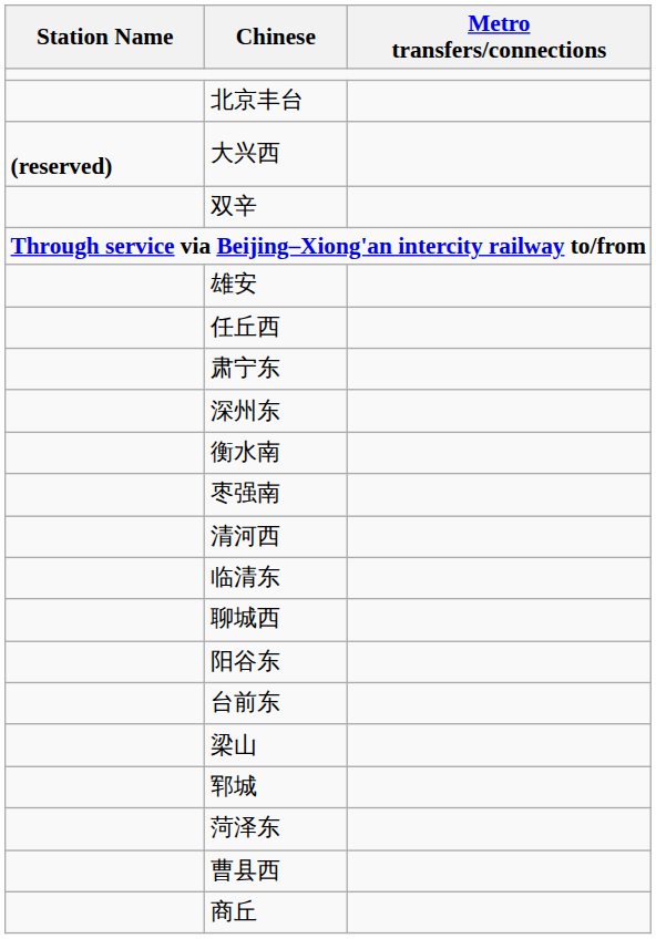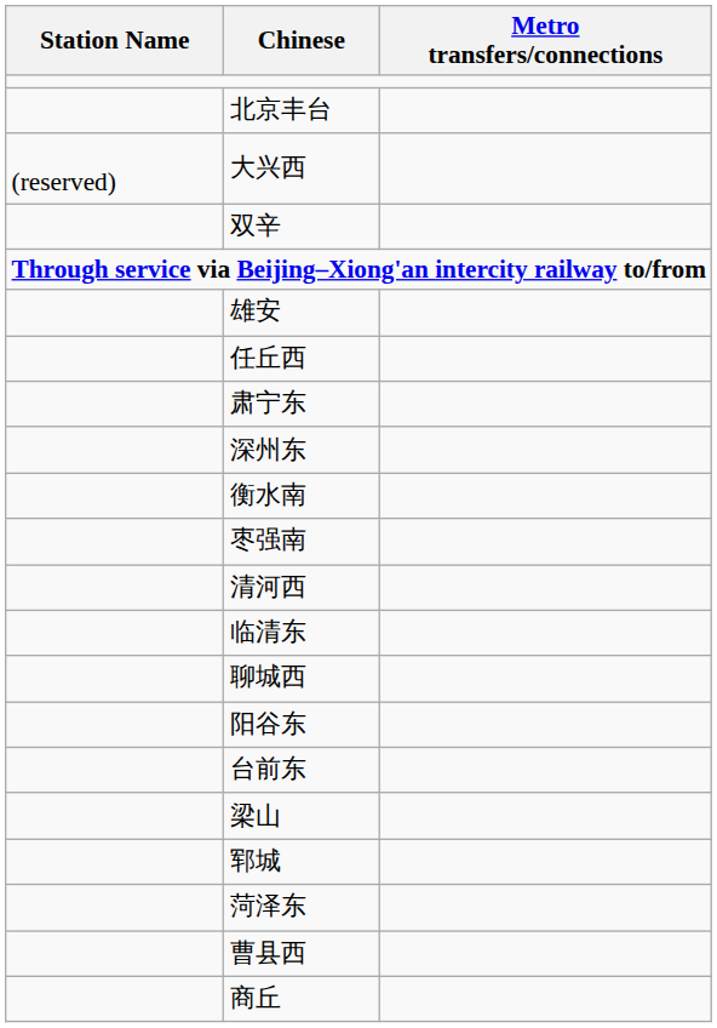 <table class="wikitable">
 <tr>
 <th>Station Name</th>
 <th>Chinese<br> </th>
 <th><a href='#'>Metro</a><br>transfers/connections<br></th>
 </tr>
 <tr style="background:#">
 <td colspan = "11"></td>
 </tr>
 <tr>
 <td></td>
 <td>北京丰台</td>
 <td>  </td>
 </tr>
 <tr>
-<td><strong><br>(reserved)</strong></td>
+<td><br>(reserved)</td>
 <td>大兴西</td>
 <td></td>
 </tr>
 <tr>
 <td></td>
 <td>双辛</td>
 <td></td>
 </tr>
 <tr>
 <td colspan="3" align="center"><strong><a href='#'>Through service</a> via <a href='#'>Beijing–Xiong'an intercity railway</a> to/from </strong></td>
 </tr>
 <tr>
 <td></td>
 <td>雄安</td>
 <td></td>
 </tr>
 <tr>
 <td></td>
 <td>任丘西</td>
 <td></td>
 </tr>
 <tr>
 <td></td>
 <td>肃宁东</td>
 <td></td>
 </tr>
 <tr>
 <td></td>
 <td>深州东</td>
 <td></td>
 </tr>
 <tr>
 <td></td>
 <td>衡水南</td>
 <td></td>
 </tr>
 <tr>
 <td></td>
 <td>枣强南</td>
 <td></td>
 </tr>
 <tr>
 <td></td>
 <td>清河西</td>
 <td></td>
 </tr>
 <tr>
 <td></td>
 <td>临清东</td>
 <td></td>
 </tr>
 <tr>
 <td></td>
 <td>聊城西</td>
 <td></td>
 </tr>
 <tr>
 <td></td>
 <td>阳谷东</td>
 <td></td>
 </tr>
 <tr>
 <td></td>
 <td>台前东</td>
 <td></td>
 </tr>
 <tr>
 <td></td>
 <td>梁山</td>
 <td></td>
 </tr>
 <tr>
 <td></td>
 <td>郓城</td>
 <td></td>
 </tr>
 <tr>
 <td></td>
 <td>菏泽东</td>
 <td></td>
 </tr>
 <tr>
 <td></td>
 <td>曹县西</td>
 <td></td>
 </tr>
 <tr>
 <td></td>
 <td>商丘</td>
 <td></td>
 </tr>
 </table>
